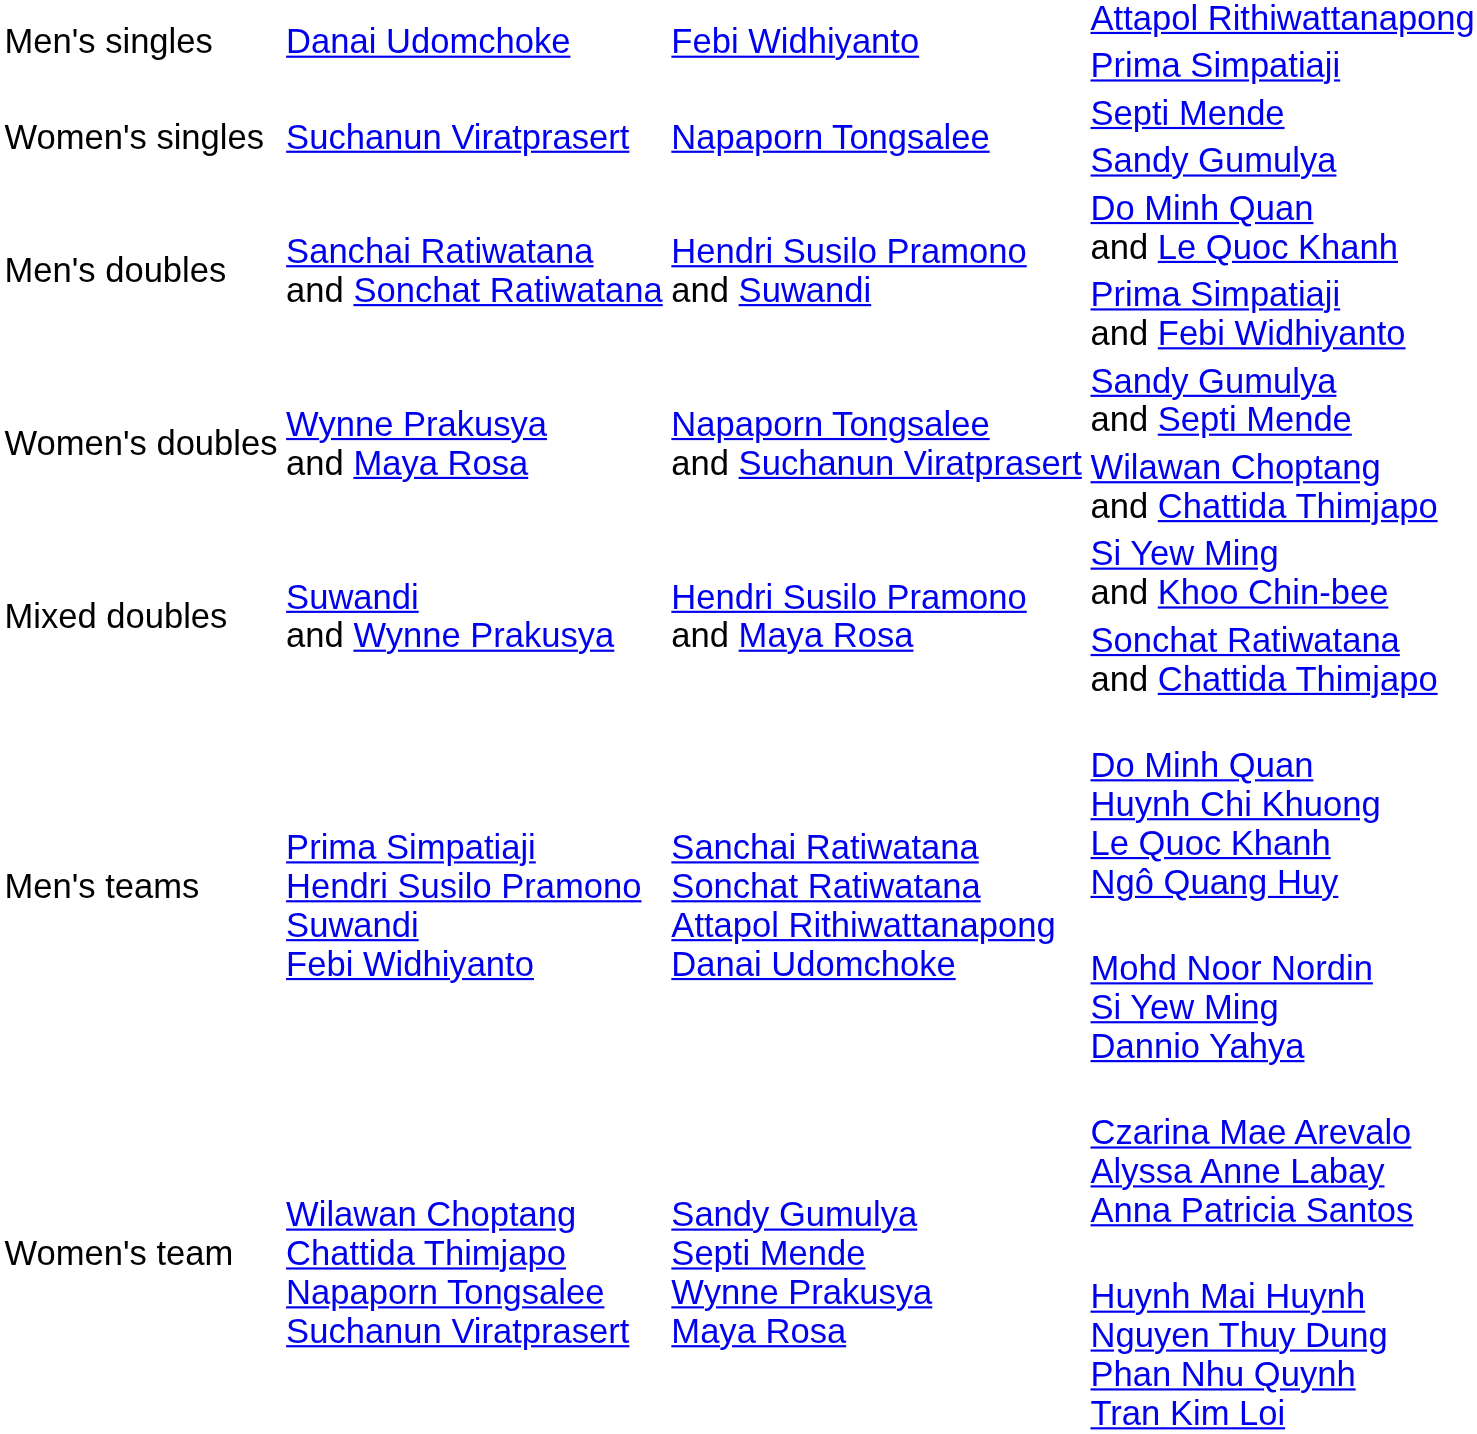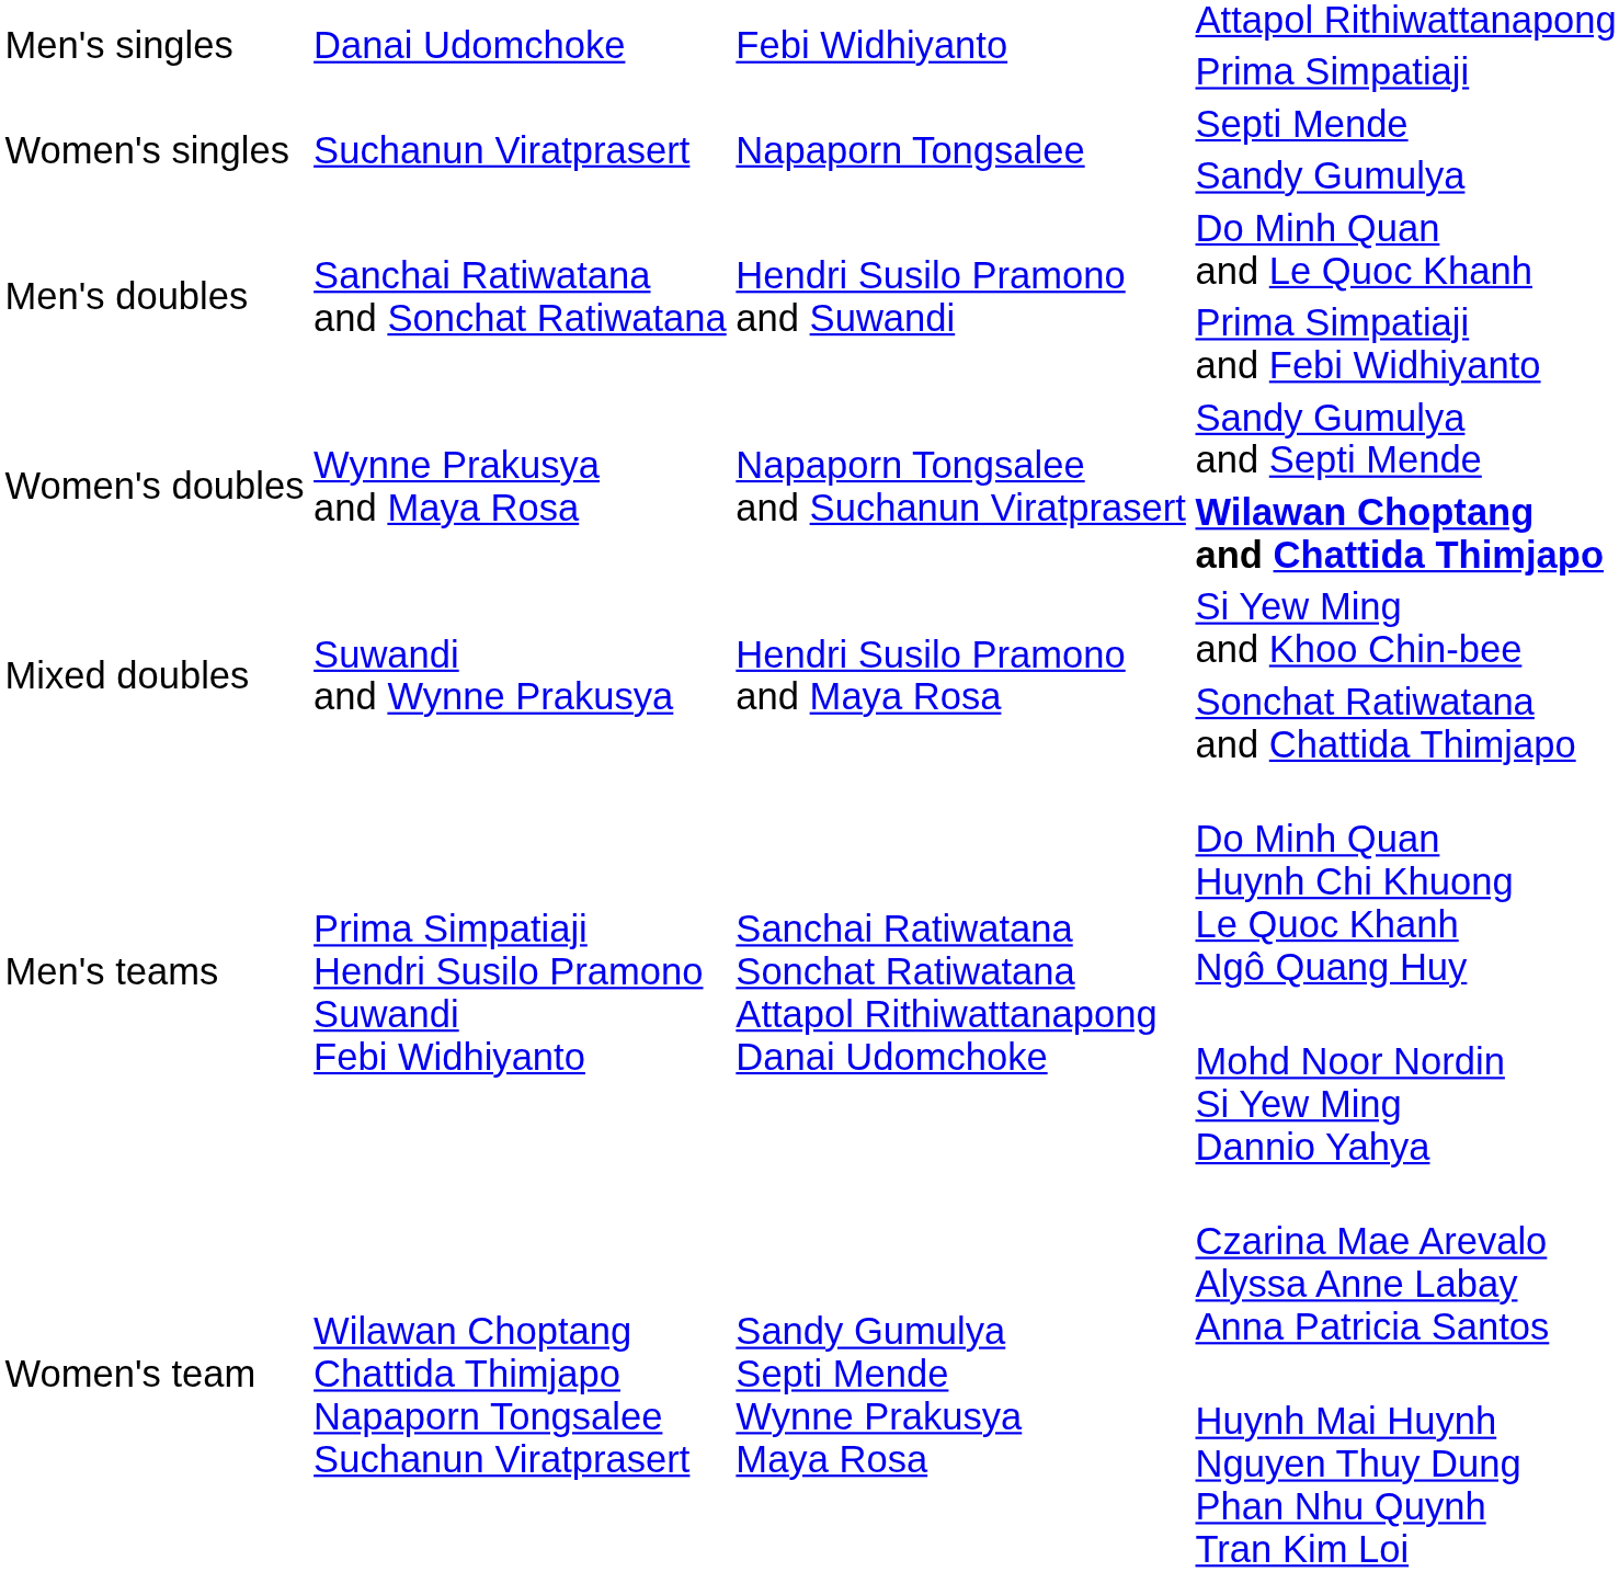 <table>
 <tr>
 <td rowspan=2>Men's singles</td>
 <td rowspan=2> <a href='#'>Danai Udomchoke</a></td>
 <td rowspan=2> <a href='#'>Febi Widhiyanto</a></td>
 <td> <a href='#'>Attapol Rithiwattanapong</a></td>
 </tr>
 <tr>
 <td> <a href='#'>Prima Simpatiaji</a></td>
 </tr>
 <tr>
 <td rowspan=2>Women's singles</td>
 <td rowspan=2> <a href='#'>Suchanun Viratprasert</a></td>
 <td rowspan=2> <a href='#'>Napaporn Tongsalee</a></td>
 <td> <a href='#'>Septi Mende</a></td>
 </tr>
 <tr>
 <td> <a href='#'>Sandy Gumulya</a></td>
 </tr>
 <tr>
 <td rowspan=2>Men's doubles</td>
 <td rowspan=2> <a href='#'>Sanchai Ratiwatana</a><br>and <a href='#'>Sonchat Ratiwatana</a></td>
 <td rowspan=2> <a href='#'>Hendri Susilo Pramono</a><br>and <a href='#'>Suwandi</a></td>
 <td> <a href='#'>Do Minh Quan</a><br>and <a href='#'>Le Quoc Khanh</a></td>
 </tr>
 <tr>
 <td> <a href='#'>Prima Simpatiaji</a><br>and <a href='#'>Febi Widhiyanto</a></td>
 </tr>
 <tr>
 <td rowspan=2>Women's doubles</td>
 <td rowspan=2> <a href='#'>Wynne Prakusya</a><br>and <a href='#'>Maya Rosa</a></td>
 <td rowspan=2> <a href='#'>Napaporn Tongsalee</a><br>and <a href='#'>Suchanun Viratprasert</a></td>
 <td> <a href='#'>Sandy Gumulya</a><br>and <a href='#'>Septi Mende</a></td>
 </tr>
 <tr>
-<td> <a href='#'>Wilawan Choptang</a><br>and <a href='#'>Chattida Thimjapo</a></td>
+<td><strong> <a href='#'>Wilawan Choptang</a><br>and <a href='#'>Chattida Thimjapo</a></strong></td>
 </tr>
 <tr>
 <td rowspan=2>Mixed doubles</td>
 <td rowspan=2> <a href='#'>Suwandi</a><br>and <a href='#'>Wynne Prakusya</a></td>
 <td rowspan=2> <a href='#'>Hendri Susilo Pramono</a><br>and <a href='#'>Maya Rosa</a></td>
 <td> <a href='#'>Si Yew Ming</a><br>and <a href='#'>Khoo Chin-bee</a></td>
 </tr>
 <tr>
 <td> <a href='#'>Sonchat Ratiwatana</a><br>and <a href='#'>Chattida Thimjapo</a></td>
 </tr>
 <tr>
 <td rowspan=2>Men's teams</td>
 <td rowspan=2><br><a href='#'>Prima Simpatiaji</a><br><a href='#'>Hendri Susilo Pramono</a><br><a href='#'>Suwandi</a><br><a href='#'>Febi Widhiyanto</a></td>
 <td rowspan=2><br><a href='#'>Sanchai Ratiwatana</a><br><a href='#'>Sonchat Ratiwatana</a><br><a href='#'>Attapol Rithiwattanapong</a><br><a href='#'>Danai Udomchoke</a></td>
 <td><br><a href='#'>Do Minh Quan</a><br><a href='#'>Huynh Chi Khuong</a><br><a href='#'>Le Quoc Khanh</a><br><a href='#'>Ngô Quang Huy</a></td>
 </tr>
 <tr>
 <td><br><a href='#'>Mohd Noor Nordin</a><br><a href='#'>Si Yew Ming</a><br><a href='#'>Dannio Yahya</a></td>
 </tr>
 <tr>
 <td rowspan=2>Women's team</td>
 <td rowspan=2><br><a href='#'>Wilawan Choptang</a><br><a href='#'>Chattida Thimjapo</a><br><a href='#'>Napaporn Tongsalee</a><br><a href='#'>Suchanun Viratprasert</a></td>
 <td rowspan=2><br><a href='#'>Sandy Gumulya</a><br><a href='#'>Septi Mende</a><br><a href='#'>Wynne Prakusya</a><br><a href='#'>Maya Rosa</a></td>
 <td><br><a href='#'>Czarina Mae Arevalo</a><br><a href='#'>Alyssa Anne Labay</a><br><a href='#'>Anna Patricia Santos</a></td>
 </tr>
 <tr>
 <td><br><a href='#'>Huynh Mai Huynh</a><br><a href='#'>Nguyen Thuy Dung</a><br><a href='#'>Phan Nhu Quynh</a><br><a href='#'>Tran Kim Loi</a></td>
 </tr>
 </table>
